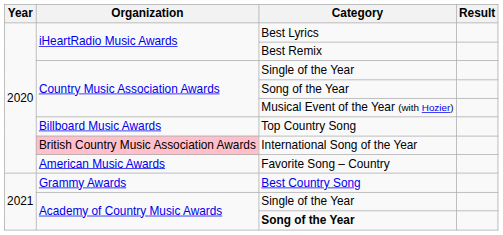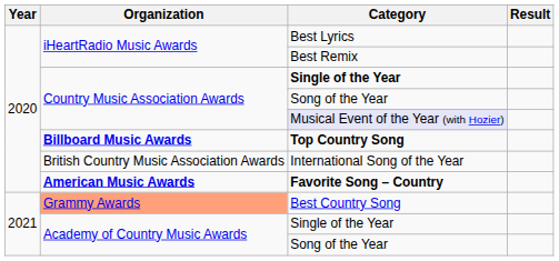 <table class="wikitable">
 <tr>
 <th>Year</th>
 <th>Organization</th>
 <th>Category</th>
 <th>Result</th>
 </tr>
 <tr>
 <td rowspan="8">2020</td>
 <td rowspan="2"><a href='#'>iHeartRadio Music Awards</a></td>
 <td>Best Lyrics</td>
 <td></td>
 </tr>
 <tr>
 <td>Best Remix</td>
 <td></td>
 </tr>
 <tr>
 <td rowspan="3"><a href='#'>Country Music Association Awards</a></td>
-<td>Single of the Year</td>
+<td><strong>Single of the Year</strong></td>
 <td></td>
 </tr>
 <tr>
 <td>Song of the Year</td>
 <td></td>
 </tr>
 <tr>
-<td>Musical Event of the Year <small>(with <a href='#'>Hozier</a>)</small></td>
+<td style="background: lavender;">Musical Event of the Year <small>(with <a href='#'>Hozier</a>)</small></td>
 <td></td>
 </tr>
 <tr>
-<td><a href='#'>Billboard Music Awards</a></td>
-<td>Top Country Song</td>
+<td><strong><a href='#'>Billboard Music Awards</a></strong></td>
+<td><strong>Top Country Song</strong></td>
 <td></td>
 </tr>
 <tr>
-<td style="background: pink;">British Country Music Association Awards</td>
+<td>British Country Music Association Awards</td>
 <td>International Song of the Year</td>
 <td></td>
 </tr>
 <tr>
-<td><a href='#'>American Music Awards</a></td>
-<td>Favorite Song – Country</td>
+<td><strong><a href='#'>American Music Awards</a></strong></td>
+<td><strong>Favorite Song – Country</strong></td>
 <td></td>
 </tr>
 <tr>
 <td rowspan="3">2021</td>
-<td rowspan="1"><a href='#'>Grammy Awards</a></td>
+<td rowspan="1" style="background: lightsalmon;"><a href='#'>Grammy Awards</a></td>
 <td><a href='#'>Best Country Song</a></td>
 <td></td>
 </tr>
 <tr>
 <td rowspan="2"><a href='#'>Academy of Country Music Awards</a></td>
 <td>Single of the Year</td>
 <td></td>
 </tr>
 <tr>
-<td><strong>Song of the Year</strong></td>
+<td>Song of the Year</td>
 <td></td>
 </tr>
 </table>
